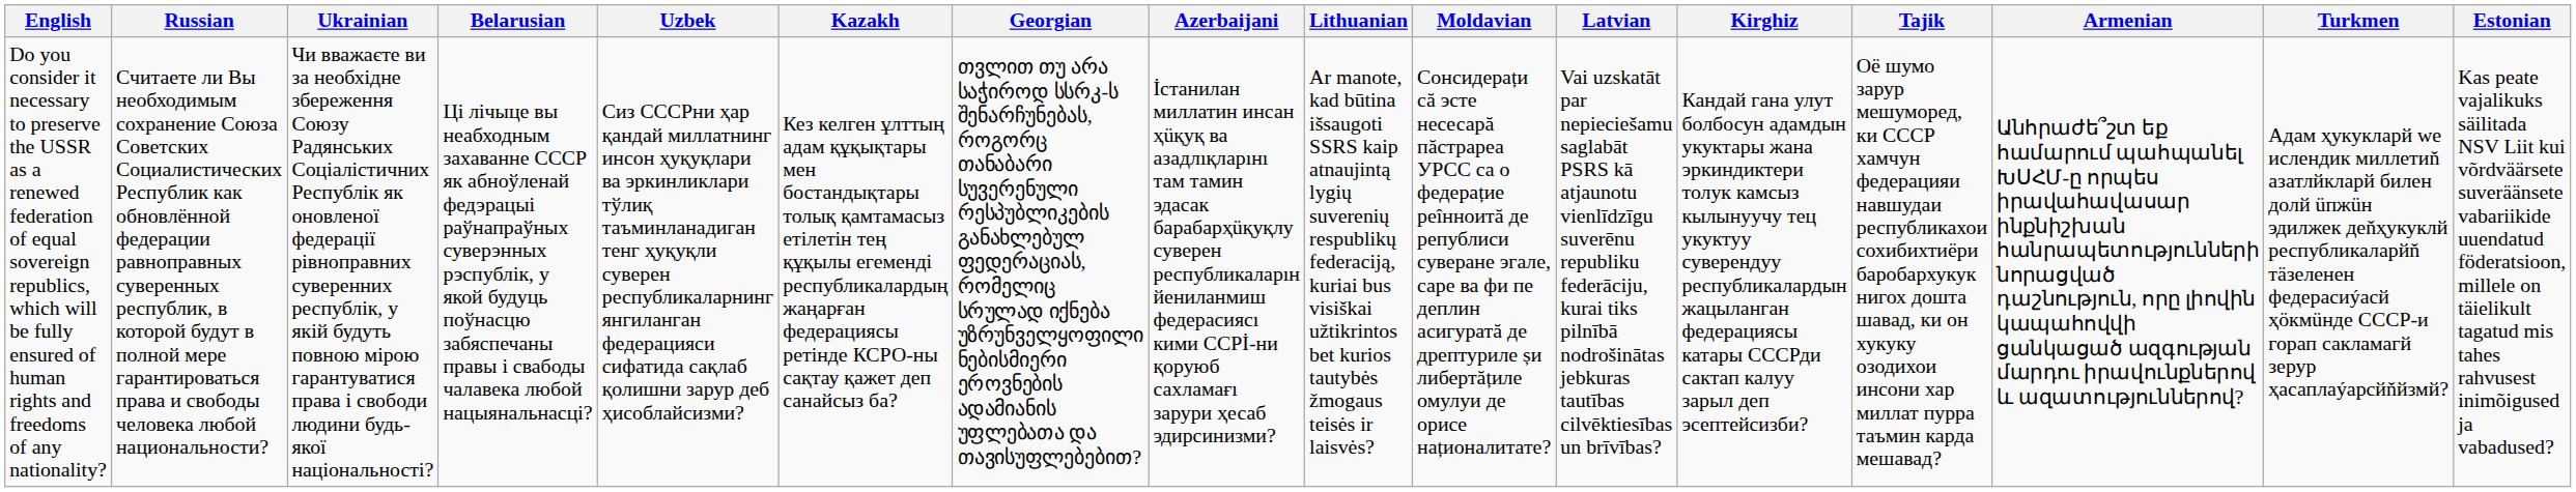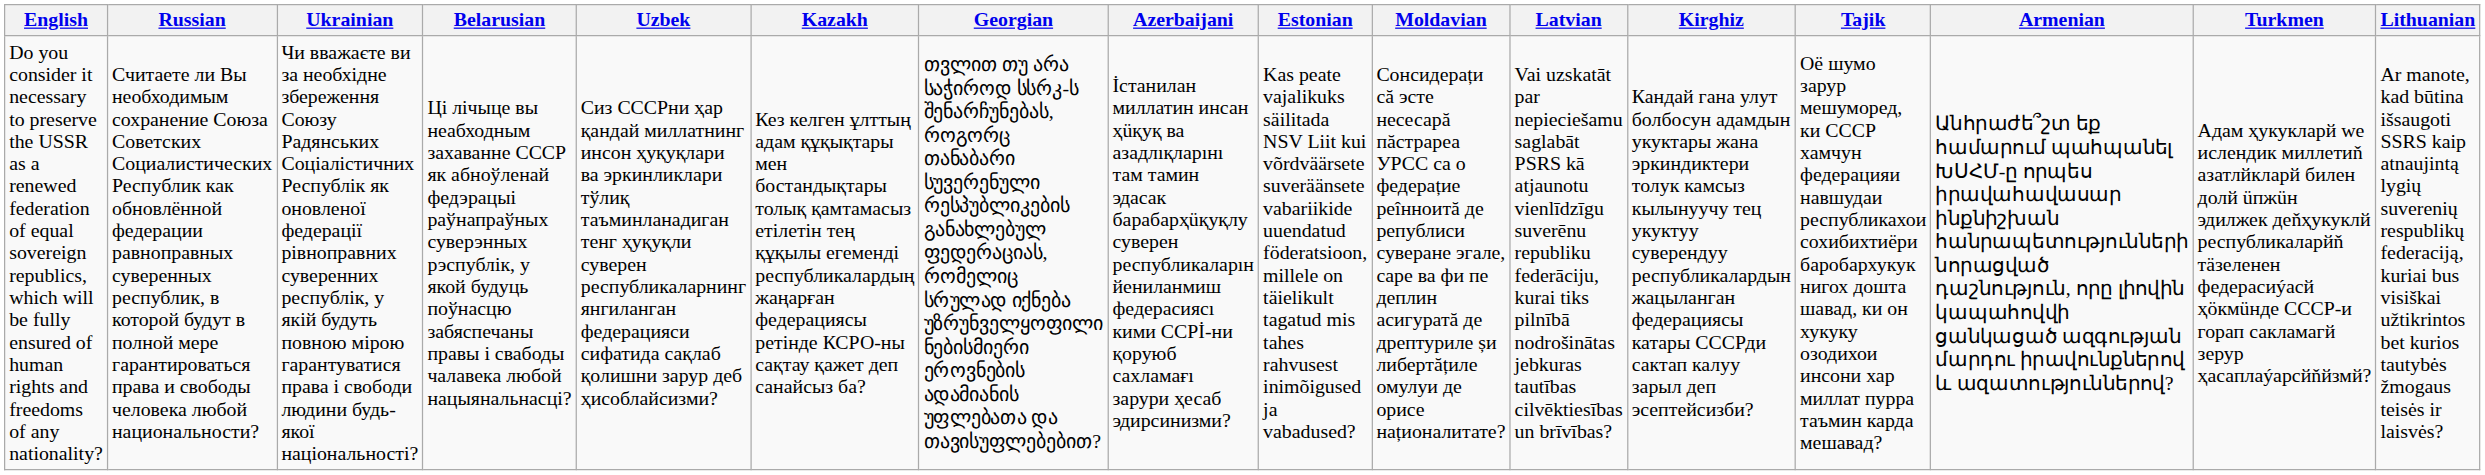 <table class="wikitable">
 <tr>
 <th><a href='#'>English</a></th>
 <th><a href='#'>Russian</a></th>
 <th><a href='#'>Ukrainian</a></th>
 <th><a href='#'>Belarusian</a></th>
 <th><a href='#'>Uzbek</a></th>
 <th><a href='#'>Kazakh</a></th>
 <th><a href='#'>Georgian</a></th>
 <th><a href='#'>Azerbaijani</a></th>
-<th><a href='#'>Lithuanian</a></th>
+<th><a href='#'>Estonian</a></th>
 <th><a href='#'>Moldavian</a></th>
 <th><a href='#'>Latvian</a></th>
 <th><a href='#'>Kirghiz</a></th>
 <th><a href='#'>Tajik</a></th>
 <th><a href='#'>Armenian</a></th>
 <th><a href='#'>Turkmen</a></th>
-<th><a href='#'>Estonian</a></th>
+<th><a href='#'>Lithuanian</a></th>
 </tr>
 <tr>
 <td>Do you consider it necessary to preserve the USSR as a renewed federation of equal sovereign republics, which will be fully ensured of human rights and freedoms of any nationality?</td>
 <td>Считаете ли Вы необходимым сохранение Союза Советских Социалистических Республик как обновлённой федерации равноправных суверенных республик, в которой будут в полной мере гарантироваться права и свободы человека любой национальности?</td>
 <td>Чи вважаєте ви за необхідне збереження Союзу Радянських Соціалістичних Республік як оновленої федерації рівноправних суверенних республік, у якій будуть повною мірою гарантуватися права і свободи людини будь-якої національності?</td>
 <td>Ці лічыце вы неабходным захаванне СССР як абноўленай федэрацыі раўнапраўных суверэнных рэспублік, у якой будуць поўнасцю забяспечаны правы і свабоды чалавека любой нацыянальнасці?</td>
 <td>Сиз СССРни ҳар қандай миллатнинг инсон ҳуқуқлари ва эркинликлари тўлиқ таъминланадиган тенг ҳуқуқли суверен республикаларнинг янгиланган федерацияси сифатида сақлаб қолишни зарур деб ҳисоблайсизми?</td>
 <td>Кез келген ұлттың адам құқықтары мен бостандықтары толық қамтамасыз етілетін тең құқылы егеменді республикалардың жаңарған федерациясы ретінде КСРО-ны сақтау қажет деп санайсыз ба?</td>
 <td>თვლით თუ არა საჭიროდ სსრკ-ს შენარჩუნებას, როგორც თანაბარი სუვერენული რესპუბლიკების განახლებულ ფედერაციას, რომელიც სრულად იქნება უზრუნველყოფილი ნებისმიერი ეროვნების ადამიანის უფლებათა და თავისუფლებებით?</td>
 <td>İстанилан миллатин инсан ҳüқуқ ва азадлıқларıнı там тамин эдаcак барабарҳüқуқлу суверен республикаларıн йениланмиш федерасиясı кими ССРİ-ни қоруюб сахламағı зарури ҳесаб эдирсинизми?</td>
-<td>Ar manote, kad būtina išsaugoti SSRS kaip atnaujintą lygių suverenių respublikų federaciją, kuriai bus visiškai užtikrintos bet kurios tautybės žmogaus teisės ir laisvės?</td>
+<td>Kas peate vajalikuks säilitada NSV Liit kui võrdväärsete suveräänsete vabariikide uuendatud föderatsioon, millele on täielikult tagatud mis tahes rahvusest inimõigused ja vabadused?</td>
 <td>Cонсидераțи că эсте неcесарă пăстрареа УРСС cа о федераțие реîнноитă де републиcи суверане эгале,  cаре ва фи пе деплин асигуратă де дрептуриле șи либертățиле омулуи де ориcе наțионалитате?</td>
 <td>Vai uzskatāt par nepieciešamu saglabāt PSRS kā atjaunotu vienlīdzīgu suverēnu republiku federāciju, kurai tiks pilnībā nodrošinātas jebkuras tautības cilvēktiesības un brīvības?</td>
 <td>Кандай гана улут болбосун адамдын укуктары жана эркиндиктери толук камсыз кылынуучу тец укуктуу суверендуу республикалардын жацыланган федерациясы катары СССРди сактап калуу зарыл деп эсептейсизби?</td>
 <td>Оё шумо зарур мешуморед, ки СССР хамчун федерацияи навшудаи республикахои сохибихтиёри баробархукук нигох дошта шавад, ки он хукуку озодихои инсони хар миллат пурра таъмин карда мешавад?</td>
 <td>Անհրաժե՞շտ եք համարում պահպանել ԽՍՀՄ-ը որպես իրավահավասար ինքնիշխան հանրապետությունների նորացված դաշնություն, որը լիովին կապահովվի ցանկացած ազգության մարդու իրավունքներով և ազատություններով?</td>
 <td>Адам ҳукукларй wе ислендик миллетиň азатлйкларй билен долй üпжüн эдилжек деňҳукуклй республикаларйň тäзеленен федерасиýасй ҳöкмüнде СССР-и горап сакламагй зерур ҳасаплаýарсйňйзмй?</td>
-<td>Kas peate vajalikuks säilitada NSV Liit kui võrdväärsete suveräänsete vabariikide uuendatud föderatsioon, millele on täielikult tagatud mis tahes rahvusest inimõigused ja vabadused?</td>
+<td>Ar manote, kad būtina išsaugoti SSRS kaip atnaujintą lygių suverenių respublikų federaciją, kuriai bus visiškai užtikrintos bet kurios tautybės žmogaus teisės ir laisvės?</td>
 </tr>
 </table>
